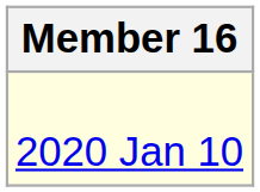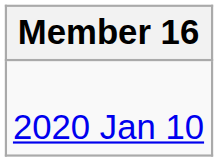 <table class=wikitable align=right>
 <tr>
 <th>Member 16</th>
 </tr>
 <tr>
-<td style="background: lightyellow;"><br><a href='#'>2020 Jan 10</a></td>
+<td><br><a href='#'>2020 Jan 10</a></td>
 </tr>
 </table>
